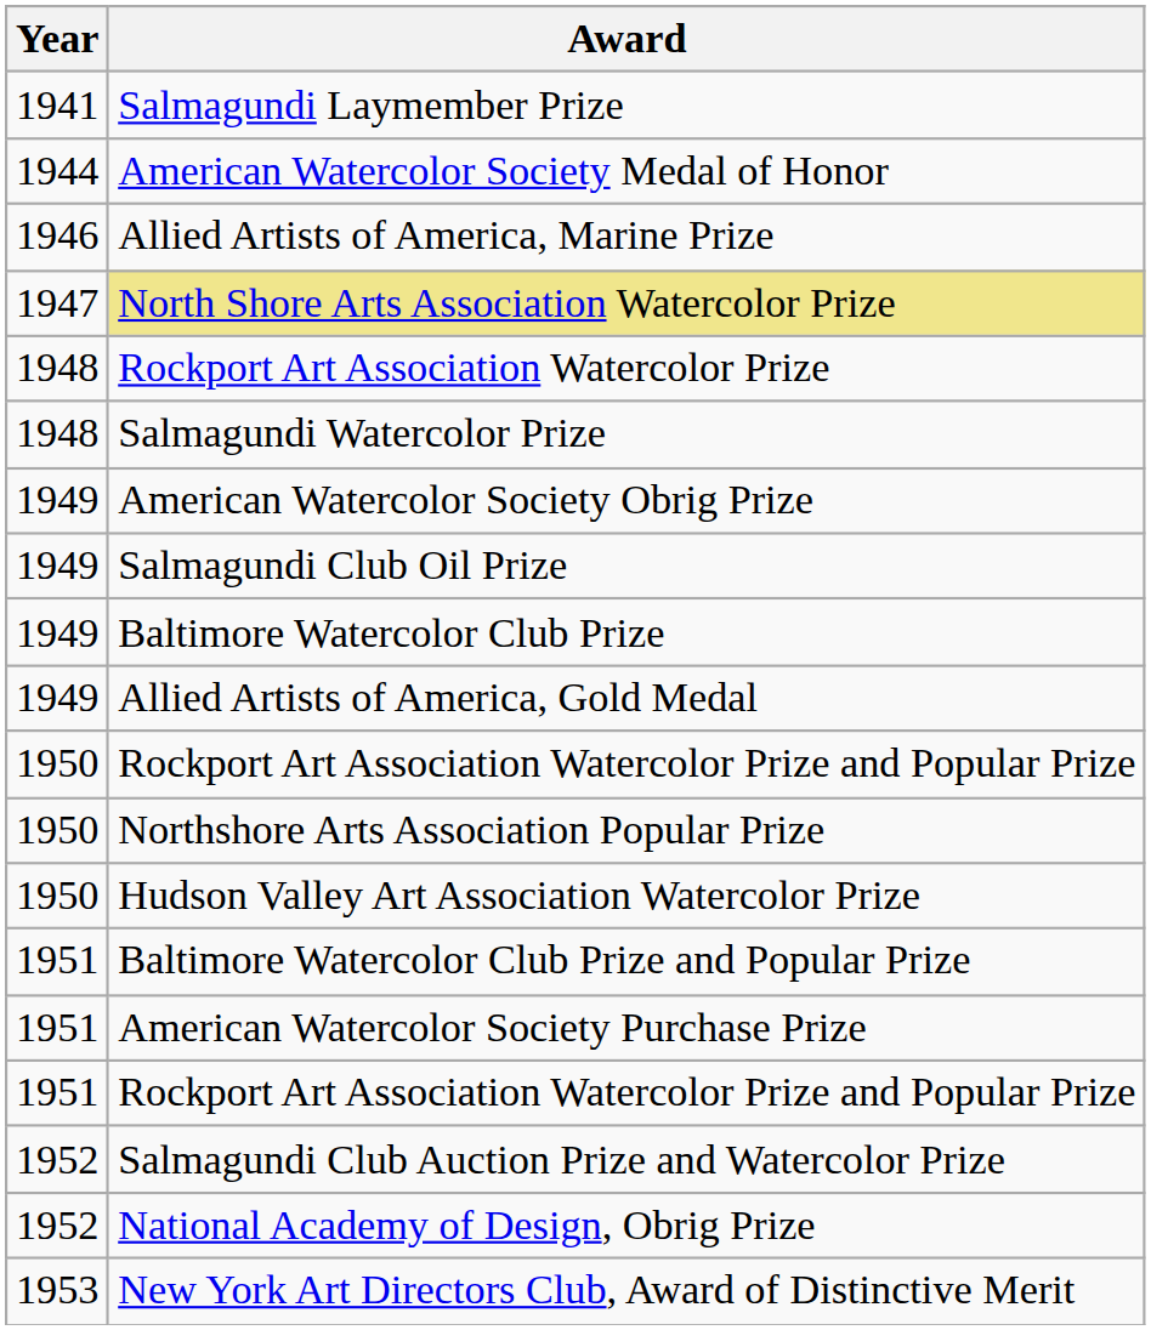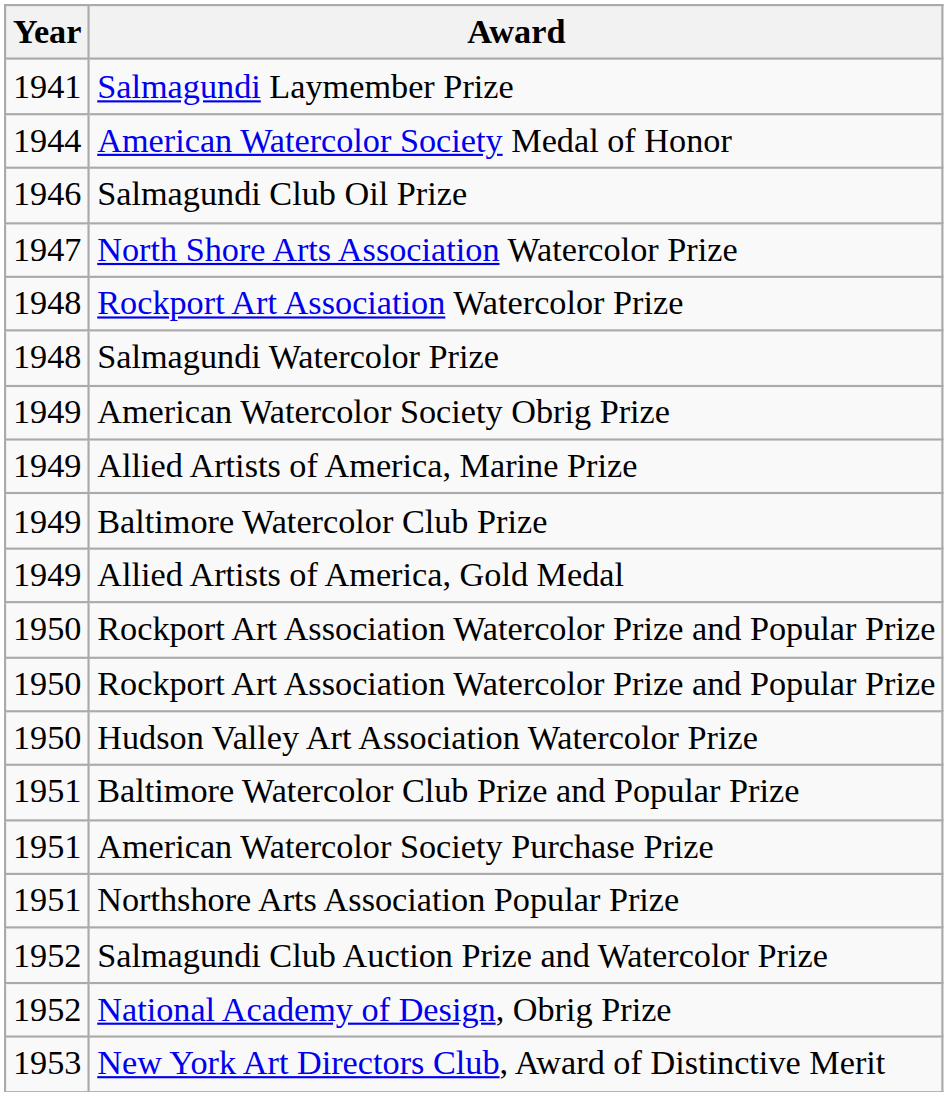 <table class="wikitable">
 <tr>
 <th>Year</th>
 <th>Award</th>
 </tr>
 <tr>
 <td>1941</td>
 <td><a href='#'>Salmagundi</a> Laymember Prize</td>
 </tr>
 <tr>
 <td>1944</td>
 <td><a href='#'>American Watercolor Society</a> Medal of Honor</td>
 </tr>
 <tr>
 <td>1946</td>
-<td>Allied Artists of America, Marine Prize</td>
+<td>Salmagundi Club Oil Prize</td>
 </tr>
 <tr>
 <td>1947</td>
-<td style="background: khaki;"><a href='#'>North Shore Arts Association</a> Watercolor Prize</td>
+<td><a href='#'>North Shore Arts Association</a> Watercolor Prize</td>
 </tr>
 <tr>
 <td>1948</td>
 <td><a href='#'>Rockport Art Association</a> Watercolor Prize</td>
 </tr>
 <tr>
 <td>1948</td>
 <td>Salmagundi Watercolor Prize</td>
 </tr>
 <tr>
 <td>1949</td>
 <td>American Watercolor Society Obrig Prize</td>
 </tr>
 <tr>
 <td>1949</td>
-<td>Salmagundi Club Oil Prize</td>
+<td>Allied Artists of America, Marine Prize</td>
 </tr>
 <tr>
 <td>1949</td>
 <td>Baltimore Watercolor Club Prize</td>
 </tr>
 <tr>
 <td>1949</td>
 <td>Allied Artists of America, Gold Medal</td>
 </tr>
 <tr>
 <td>1950</td>
 <td>Rockport Art Association Watercolor Prize and Popular Prize</td>
 </tr>
 <tr>
 <td>1950</td>
-<td>Northshore Arts Association Popular Prize</td>
+<td>Rockport Art Association Watercolor Prize and Popular Prize</td>
 </tr>
 <tr>
 <td>1950</td>
 <td>Hudson Valley Art Association Watercolor Prize</td>
 </tr>
 <tr>
 <td>1951</td>
 <td>Baltimore Watercolor Club Prize and Popular Prize</td>
 </tr>
 <tr>
 <td>1951</td>
 <td>American Watercolor Society Purchase Prize</td>
 </tr>
 <tr>
 <td>1951</td>
-<td>Rockport Art Association Watercolor Prize and Popular Prize</td>
+<td>Northshore Arts Association Popular Prize</td>
 </tr>
 <tr>
 <td>1952</td>
 <td>Salmagundi Club Auction Prize and Watercolor Prize</td>
 </tr>
 <tr>
 <td>1952</td>
 <td><a href='#'>National Academy of Design</a>, Obrig Prize</td>
 </tr>
 <tr>
 <td>1953</td>
 <td><a href='#'>New York Art Directors Club</a>, Award of Distinctive Merit</td>
 </tr>
 </table>
